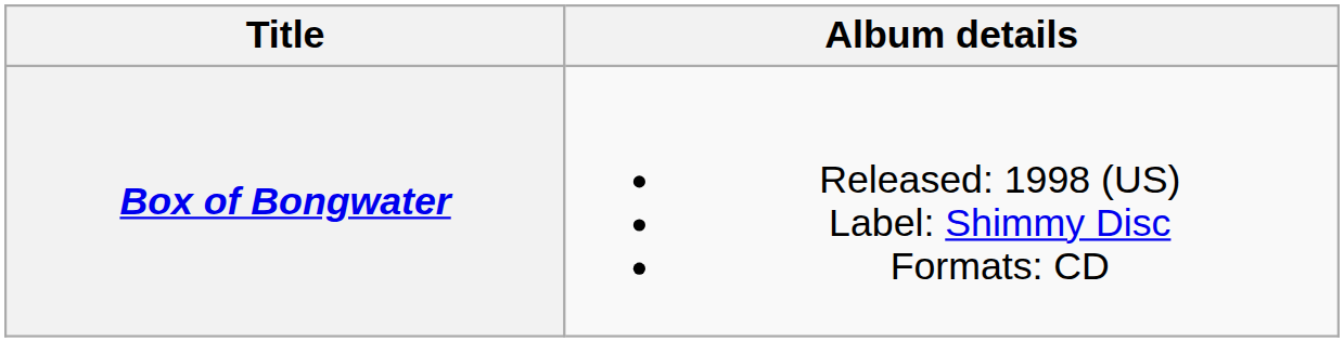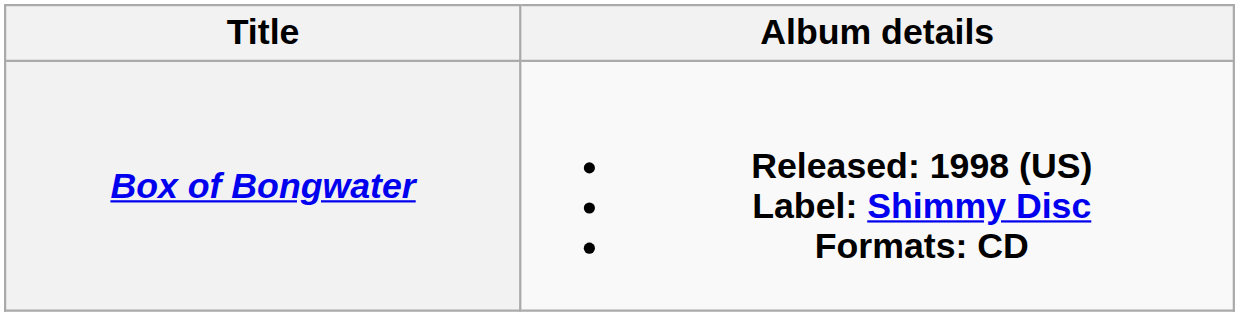 <table class="wikitable plainrowheaders" style="text-align:center;">
 <tr>
 <th scope="col" rowspan="1" style="width:14em;">Title</th>
 <th scope="col" rowspan="1" style="width:19.5em;">Album details</th>
 </tr>
 <tr>
 <th scope="row"><em><a href='#'>Box of Bongwater</a></em></th>
-<td><br><ul><li>Released: 1998 <span>(US)</span></li><li>Label: <a href='#'>Shimmy Disc</a></li><li>Formats: CD</li></ul></td>
+<td><strong><br><ul><li>Released: 1998 <span>(US)</span></li><li>Label: <a href='#'>Shimmy Disc</a></li><li>Formats: CD</li></ul></strong></td>
 </tr>
 </table>
